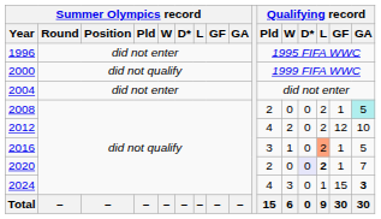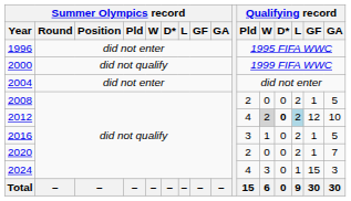 <table class="wikitable" style="text-align: center;">
 <tr>
 <th colspan=9><a href='#'>Summer Olympics</a> record</th>
 <th rowspan=12></th>
 <th colspan=6><a href='#'>Qualifying</a> record</th>
 </tr>
 <tr>
 <th>Year</th>
 <th>Round</th>
 <th>Position</th>
 <th>Pld</th>
 <th>W</th>
 <th>D*</th>
 <th>L</th>
 <th>GF</th>
 <th>GA</th>
 <th>Pld</th>
 <th>W</th>
 <th>D*</th>
 <th>L</th>
 <th>GF</th>
 <th>GA</th>
 </tr>
 <tr>
 <td> <a href='#'>1996</a></td>
 <td colspan=8><em>did not enter</em></td>
 <td colspan=6><em><a href='#'>1995 FIFA WWC</a></em></td>
 </tr>
 <tr>
 <td> <a href='#'>2000</a></td>
 <td colspan=8><em>did not qualify</em></td>
 <td colspan=6><em><a href='#'>1999 FIFA WWC</a></em></td>
 </tr>
 <tr>
 <td> <a href='#'>2004</a></td>
 <td colspan=8><em>did not enter</em></td>
 <td colspan=6><em>did not enter</em></td>
 </tr>
 <tr>
 <td> <a href='#'>2008</a></td>
 <td colspan=8 rowspan=5><em>did not qualify</em></td>
 <td>2</td>
 <td>0</td>
 <td>0</td>
 <td>2</td>
 <td>1</td>
-<td style="background: paleturquoise;">5</td>
+<td>5</td>
 </tr>
 <tr>
 <td> <a href='#'>2012</a></td>
 <td>4</td>
-<td>2</td>
-<td>0</td>
-<td>2</td>
+<td style="background: lightgrey;">2</td>
+<td><strong>0</strong></td>
+<td style="background: lightblue;">2</td>
 <td>12</td>
 <td>10</td>
 </tr>
 <tr>
 <td> <a href='#'>2016</a></td>
 <td>3</td>
 <td>1</td>
 <td>0</td>
-<td style="background: lightsalmon;">2</td>
+<td>2</td>
 <td>1</td>
 <td>5</td>
 </tr>
 <tr>
 <td> <a href='#'>2020</a></td>
 <td>2</td>
 <td>0</td>
-<td style="background: lavender;">0</td>
-<td><strong>2</strong></td>
+<td>0</td>
+<td>2</td>
 <td>1</td>
 <td>7</td>
 </tr>
 <tr>
 <td> <a href='#'>2024</a></td>
 <td>4</td>
 <td>3</td>
 <td>0</td>
 <td>1</td>
 <td>15</td>
-<td><strong>3</strong></td>
+<td>3</td>
 </tr>
 <tr>
 <th>Total</th>
 <th>–</th>
 <th>–</th>
 <th>–</th>
 <th>–</th>
 <th>–</th>
 <th>–</th>
 <th>–</th>
 <th>–</th>
 <th>15</th>
 <th>6</th>
 <th>0</th>
 <th>9</th>
 <th>30</th>
 <th>30</th>
 </tr>
 </table>
